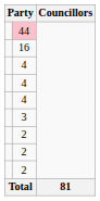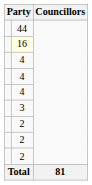 <table class="wikitable">
 <tr>
 <th colspan=2>Party</th>
 <th>Councillors</th>
 </tr>
 <tr>
 <td></td>
-<td align=center style="background: pink;">44</td>
+<td align=center>44</td>
 </tr>
 <tr>
 <td></td>
-<td align=center>16</td>
+<td align=center style="background: lightyellow;">16</td>
 </tr>
 <tr>
 <td></td>
 <td align=center>4</td>
 </tr>
 <tr>
 <td></td>
 <td align=center>4</td>
 </tr>
 <tr>
 <td></td>
 <td align=center>4</td>
 </tr>
 <tr>
 <td></td>
 <td align=center>3</td>
 </tr>
 <tr>
 <td></td>
 <td align=center>2</td>
 </tr>
 <tr>
 <td></td>
 <td align=center>2</td>
 </tr>
 <tr>
 <td></td>
 <td align=center>2</td>
 </tr>
 <tr>
 <th colspan=2>Total</th>
 <th align=center>81</th>
 </tr>
 </table>
